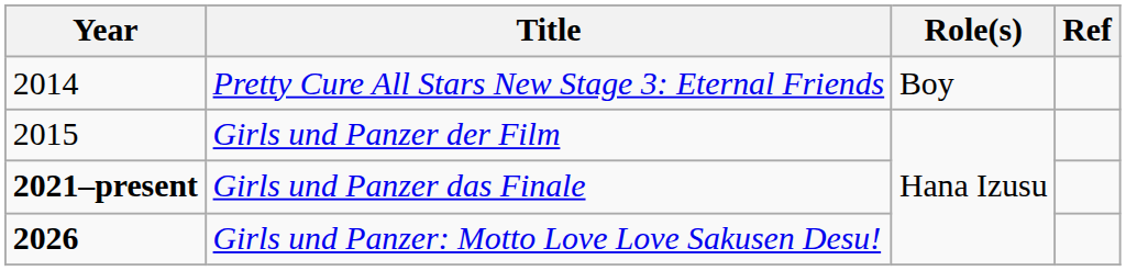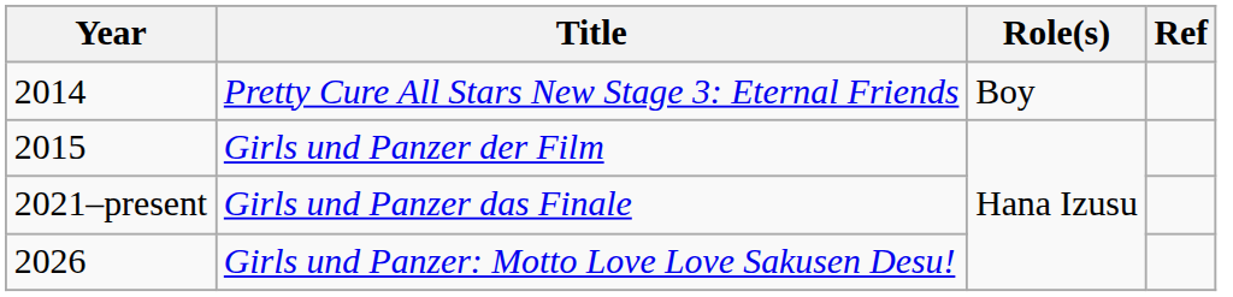 <table class="wikitable">
 <tr>
 <th>Year</th>
 <th>Title</th>
 <th>Role(s)</th>
 <th>Ref</th>
 </tr>
 <tr>
 <td>2014</td>
 <td><em><a href='#'>Pretty Cure All Stars New Stage 3: Eternal Friends</a></em></td>
 <td>Boy</td>
 <td></td>
 </tr>
 <tr>
 <td>2015</td>
 <td><em><a href='#'>Girls und Panzer der Film</a></em></td>
 <td rowspan="3">Hana Izusu</td>
 <td></td>
 </tr>
 <tr>
-<td><strong>2021–present</strong></td>
+<td>2021–present</td>
 <td><em><a href='#'>Girls und Panzer das Finale</a></em></td>
 <td></td>
 </tr>
 <tr>
-<td><strong>2026</strong></td>
+<td>2026</td>
 <td><em><a href='#'>Girls und Panzer: Motto Love Love Sakusen Desu!</a></em></td>
 <td></td>
 </tr>
 </table>
